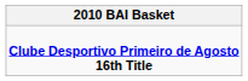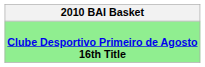 <table class=wikitable style="text-align:center; margin:auto">
 <tr>
 <th>2010 BAI Basket</th>
 </tr>
 <tr>
-<td><br><strong><a href='#'>Clube Desportivo Primeiro de Agosto</a></strong><br><strong>16th Title</strong></td>
+<td style="background: lightgreen;"><br><strong><a href='#'>Clube Desportivo Primeiro de Agosto</a></strong><br><strong>16th Title</strong></td>
 </tr>
 </table>
